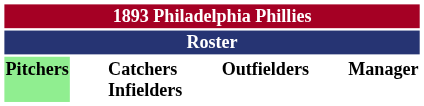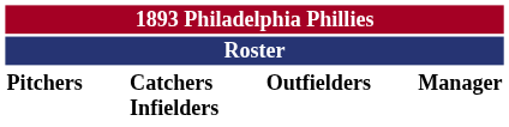 <table class="toccolours" style="font-size: 95%;">
 <tr>
 <th colspan="10" style="background-color: #A50024; color: white; text-align: center;">1893 Philadelphia Phillies</th>
 </tr>
 <tr>
 <td colspan="10" style="background-color: #263473; color: white; text-align: center;"><strong>Roster</strong></td>
 </tr>
 <tr>
-<td valign="top" style="background: lightgreen;"><strong>Pitchers</strong><br>      </td>
+<td valign="top"><strong>Pitchers</strong><br>      </td>
 <td width="25px"></td>
 <td valign="top"><strong>Catchers</strong><br>  <strong>Infielders</strong>    </td>
 <td width="25px"></td>
 <td valign="top"><strong>Outfielders</strong><br>    </td>
 <td width="25px"></td>
 <td valign="top"><strong>Manager</strong><br></td>
 </tr>
 </table>
